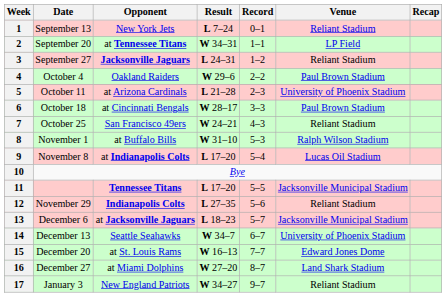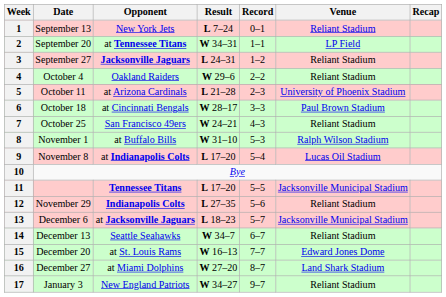 <table class="wikitable" style="text-align:center">
 <tr>
 <th>Week</th>
 <th>Date</th>
 <th>Opponent</th>
 <th>Result</th>
 <th>Record</th>
 <th>Venue</th>
 <th>Recap</th>
 </tr>
 <tr style="background:#fcc">
 <th>1</th>
 <td>September 13</td>
 <td><a href='#'>New York Jets</a></td>
 <td><strong>L</strong> 7–24</td>
 <td>0–1</td>
 <td><a href='#'>Reliant Stadium</a></td>
 <td></td>
 </tr>
 <tr style="background:#cfc">
 <th>2</th>
 <td>September 20</td>
 <td>at <strong><a href='#'>Tennessee Titans</a></strong></td>
 <td><strong>W</strong> 34–31</td>
 <td>1–1</td>
 <td><a href='#'>LP Field</a></td>
 <td></td>
 </tr>
 <tr style="background:#fcc">
 <th>3</th>
 <td>September 27</td>
 <td><strong><a href='#'>Jacksonville Jaguars</a></strong></td>
 <td><strong>L</strong> 24–31</td>
 <td>1–2</td>
 <td>Reliant Stadium</td>
 <td></td>
 </tr>
 <tr style="background:#cfc">
 <th>4</th>
 <td>October 4</td>
 <td><a href='#'>Oakland Raiders</a></td>
 <td><strong>W</strong> 29–6</td>
 <td>2–2</td>
-<td><a href='#'>Paul Brown Stadium</a></td>
+<td>Reliant Stadium</td>
 <td></td>
 </tr>
 <tr style="background:#fcc">
 <th>5</th>
 <td>October 11</td>
 <td>at <a href='#'>Arizona Cardinals</a></td>
 <td><strong>L</strong> 21–28</td>
 <td>2–3</td>
 <td><a href='#'>University of Phoenix Stadium</a></td>
 <td></td>
 </tr>
 <tr style="background:#cfc">
 <th>6</th>
 <td>October 18</td>
 <td>at <a href='#'>Cincinnati Bengals</a></td>
 <td><strong>W</strong> 28–17</td>
 <td>3–3</td>
 <td><a href='#'>Paul Brown Stadium</a></td>
 <td></td>
 </tr>
 <tr style="background:#cfc">
 <th>7</th>
 <td>October 25</td>
 <td><a href='#'>San Francisco 49ers</a></td>
 <td><strong>W</strong> 24–21</td>
 <td>4–3</td>
 <td>Reliant Stadium</td>
 <td></td>
 </tr>
 <tr style="background:#cfc">
 <th>8</th>
 <td>November 1</td>
 <td>at <a href='#'>Buffalo Bills</a></td>
 <td><strong>W</strong> 31–10</td>
 <td>5–3</td>
 <td><a href='#'>Ralph Wilson Stadium</a></td>
 <td></td>
 </tr>
 <tr style="background:#fcc">
 <th>9</th>
 <td>November 8</td>
 <td>at <strong><a href='#'>Indianapolis Colts</a></strong></td>
 <td><strong>L</strong> 17–20</td>
 <td>5–4</td>
 <td><a href='#'>Lucas Oil Stadium</a></td>
 <td></td>
 </tr>
 <tr>
 <th>10</th>
 <td colspan="6"><em><a href='#'>Bye</a></em></td>
 </tr>
 <tr style="background:#fcc">
 <th>11</th>
 <td></td>
 <td><strong><a href='#'>Tennessee Titans</a></strong></td>
 <td><strong>L</strong> 17–20</td>
 <td>5–5</td>
 <td><a href='#'>Jacksonville Municipal Stadium</a></td>
 <td></td>
 </tr>
 <tr style="background:#fcc">
 <th>12</th>
 <td>November 29</td>
 <td><strong><a href='#'>Indianapolis Colts</a></strong></td>
 <td><strong>L</strong> 27–35</td>
 <td>5–6</td>
 <td>Reliant Stadium</td>
 <td></td>
 </tr>
 <tr style="background:#fcc">
 <th>13</th>
 <td>December 6</td>
 <td>at <strong><a href='#'>Jacksonville Jaguars</a></strong></td>
 <td><strong>L</strong> 18–23</td>
 <td>5–7</td>
 <td><a href='#'>Jacksonville Municipal Stadium</a></td>
 <td></td>
 </tr>
 <tr style="background:#cfc">
 <th>14</th>
 <td>December 13</td>
 <td><a href='#'>Seattle Seahawks</a></td>
 <td><strong>W</strong> 34–7</td>
 <td>6–7</td>
-<td><a href='#'>University of Phoenix Stadium</a></td>
+<td>Reliant Stadium</td>
 <td></td>
 </tr>
 <tr style="background:#cfc">
 <th>15</th>
 <td>December 20</td>
 <td>at <a href='#'>St. Louis Rams</a></td>
 <td><strong>W</strong> 16–13</td>
 <td>7–7</td>
 <td><a href='#'>Edward Jones Dome</a></td>
 <td></td>
 </tr>
 <tr style="background:#cfc">
 <th>16</th>
 <td>December 27</td>
 <td>at <a href='#'>Miami Dolphins</a></td>
 <td><strong>W</strong> 27–20</td>
 <td>8–7</td>
 <td><a href='#'>Land Shark Stadium</a></td>
 <td></td>
 </tr>
 <tr style="background:#cfc">
 <th>17</th>
 <td>January 3</td>
 <td><a href='#'>New England Patriots</a></td>
 <td><strong>W</strong> 34–27</td>
 <td>9–7</td>
 <td>Reliant Stadium</td>
 <td></td>
 </tr>
 </table>
